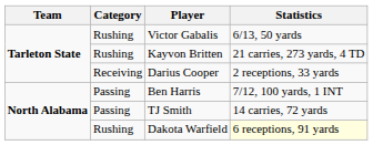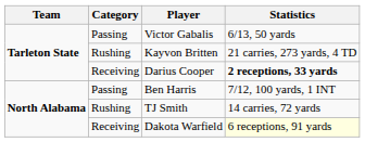 <table class="wikitable" style="float: right;">
 <tr>
 <th>Team</th>
 <th>Category</th>
 <th>Player</th>
 <th>Statistics</th>
 </tr>
 <tr>
 <td rowspan=3><strong>Tarleton State</strong></td>
-<td>Rushing</td>
+<td>Passing</td>
 <td>Victor Gabalis</td>
 <td>6/13, 50 yards</td>
 </tr>
 <tr>
 <td>Rushing</td>
 <td>Kayvon Britten</td>
 <td>21 carries, 273 yards, 4 TD</td>
 </tr>
 <tr>
 <td>Receiving</td>
 <td>Darius Cooper</td>
-<td>2 receptions, 33 yards</td>
+<td><strong>2 receptions, 33 yards</strong></td>
 </tr>
 <tr>
 <td rowspan=3><strong>North Alabama</strong></td>
 <td>Passing</td>
 <td>Ben Harris</td>
 <td>7/12, 100 yards, 1 INT</td>
 </tr>
 <tr>
-<td>Passing</td>
+<td>Rushing</td>
 <td>TJ Smith</td>
 <td>14 carries, 72 yards</td>
 </tr>
 <tr>
-<td>Rushing</td>
+<td>Receiving</td>
 <td>Dakota Warfield</td>
 <td style="background: lightyellow;">6 receptions, 91 yards</td>
 </tr>
 </table>
